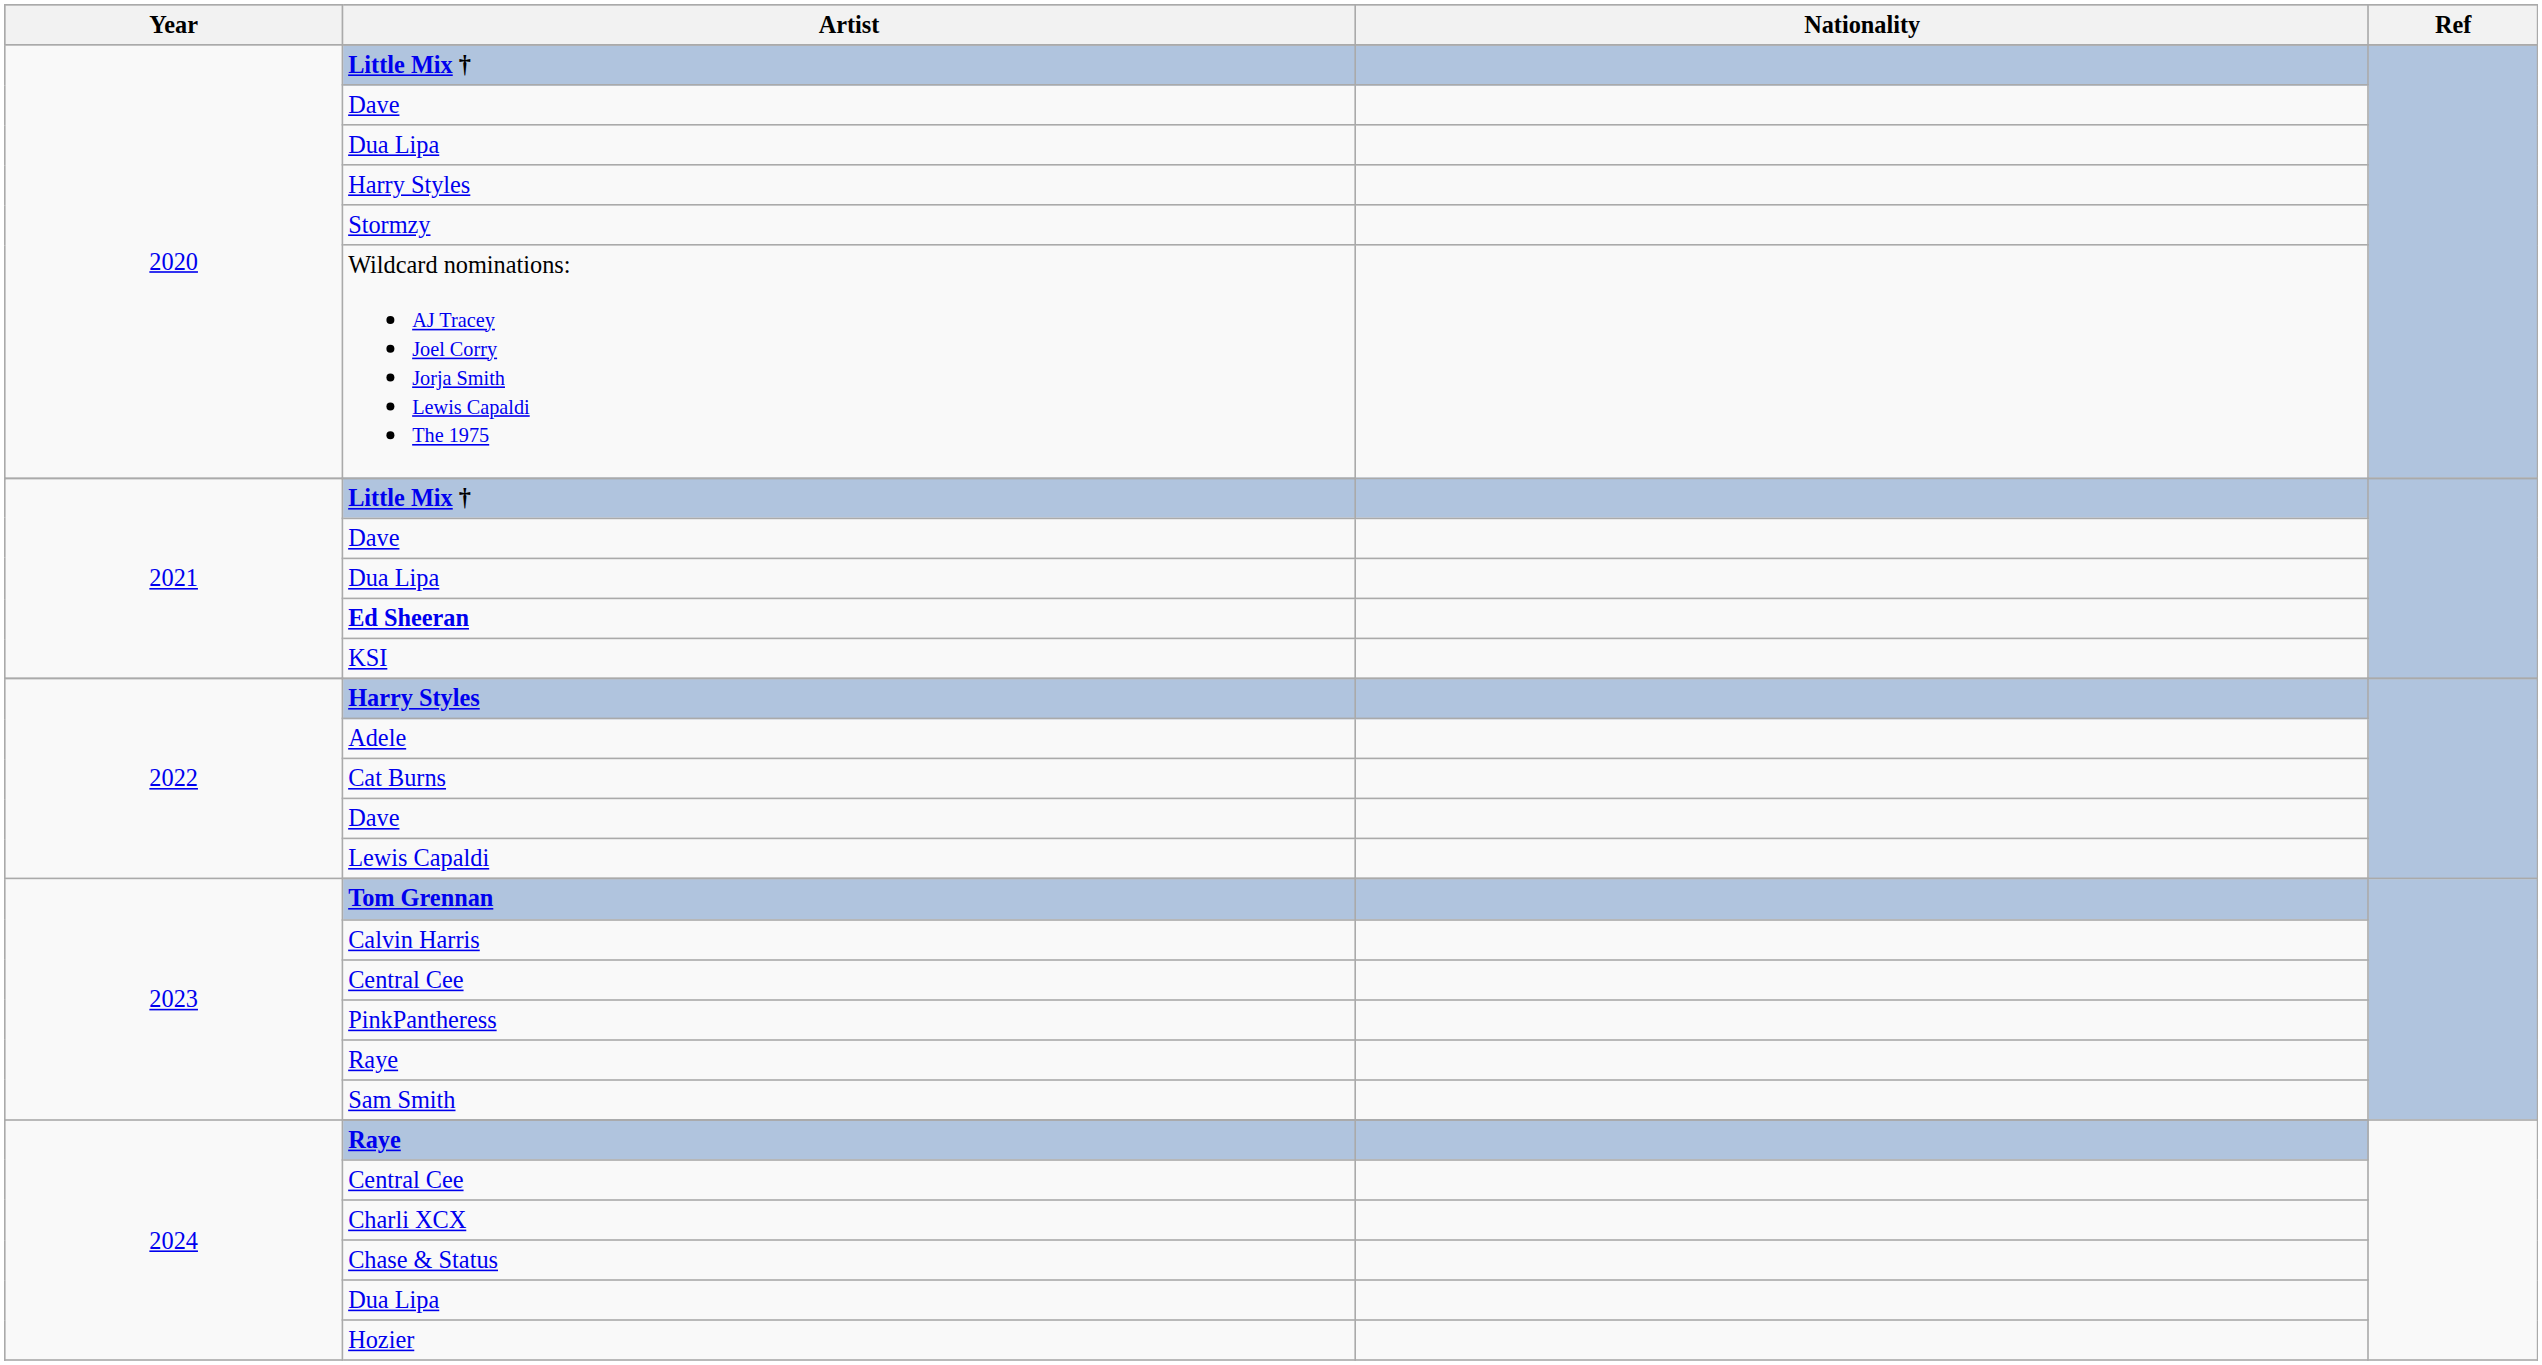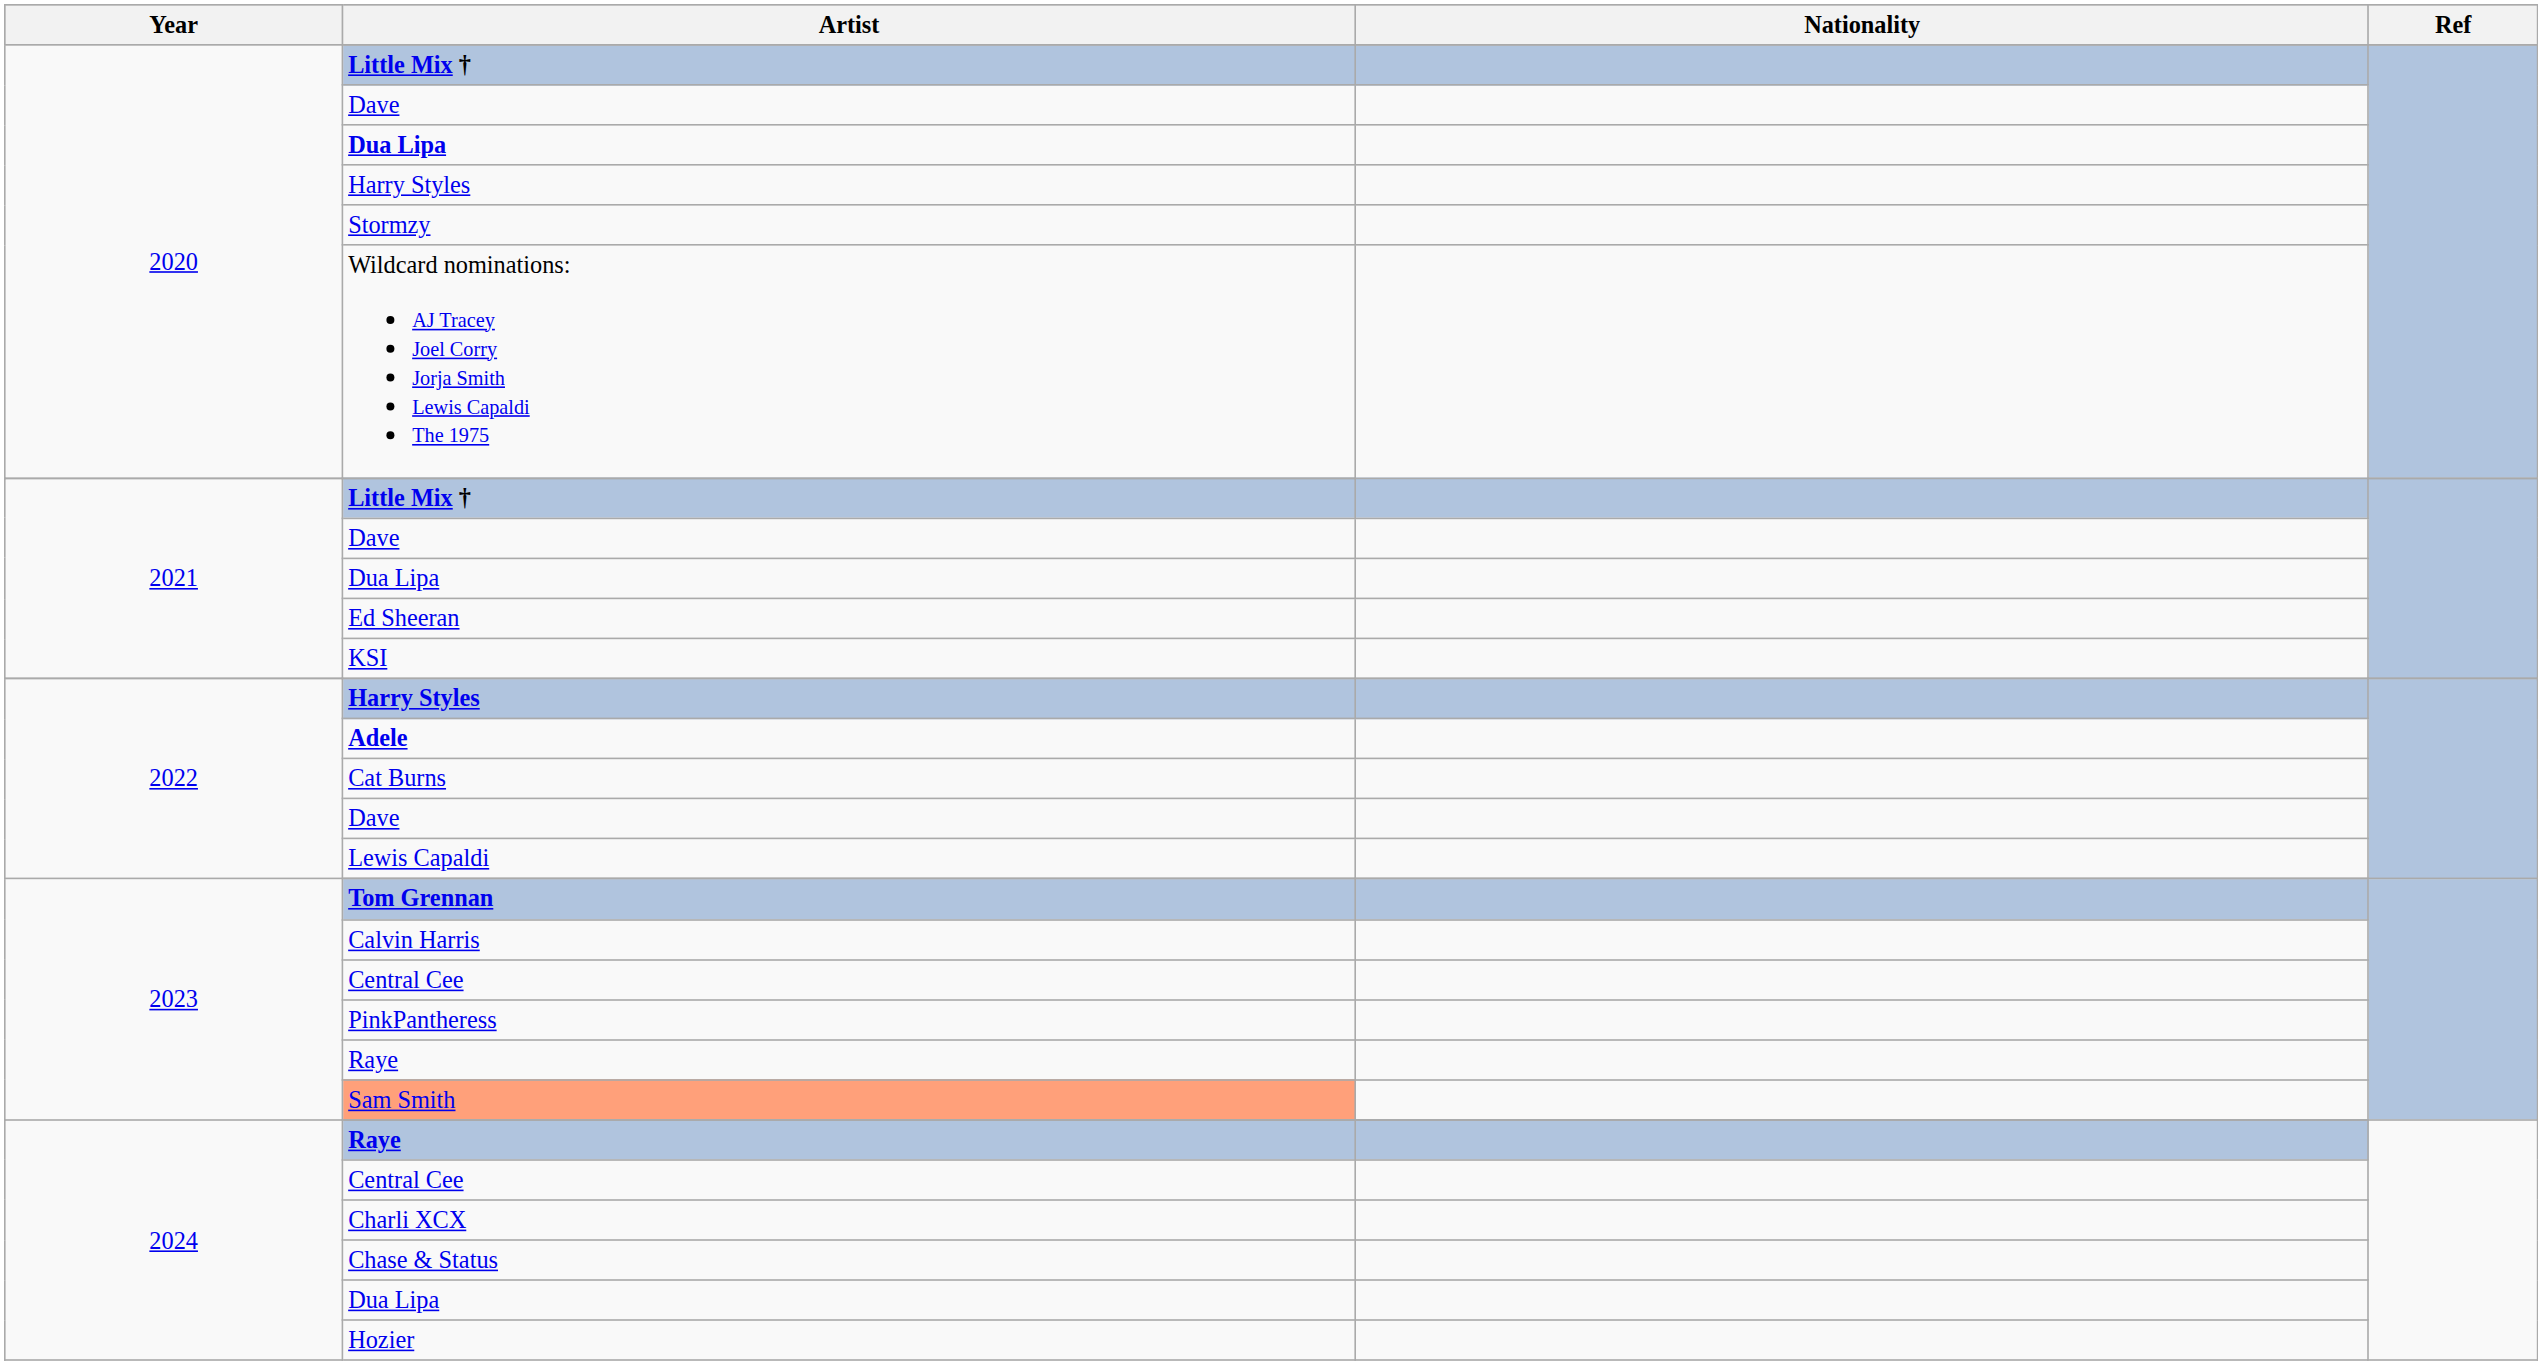 <table class="wikitable sortable plainrowheaders" style="font-size:95%; width:100%;">
 <tr style="background:#bebebe;">
 <th style="width:10%;">Year</th>
 <th style="width:30%;">Artist</th>
 <th style="width:30%;">Nationality</th>
 <th style="width:5%;">Ref</th>
 </tr>
 <tr>
 <td rowspan="7" align="center"><a href='#'>2020</a></td>
 </tr>
 <tr style="background:#B0C4DE">
 <td><strong><a href='#'>Little Mix</a></strong> <strong>†</strong></td>
 <td><strong></strong></td>
 <td rowspan="7" align="center"></td>
 </tr>
 <tr>
 <td><a href='#'>Dave</a></td>
 <td></td>
 </tr>
 <tr>
-<td><a href='#'>Dua Lipa</a></td>
+<td><strong><a href='#'>Dua Lipa</a></strong></td>
 <td></td>
 </tr>
 <tr>
 <td><a href='#'>Harry Styles</a></td>
 <td></td>
 </tr>
 <tr>
 <td><a href='#'>Stormzy</a></td>
 <td></td>
 </tr>
 <tr>
 <td>Wildcard nominations:<br><ul><li><small><a href='#'>AJ Tracey</a></small></li><li><small><a href='#'>Joel Corry</a></small></li><li><small><a href='#'>Jorja Smith</a></small></li><li><small><a href='#'>Lewis Capaldi</a></small></li><li><small><a href='#'>The 1975</a></small></li></ul></td>
 </tr>
 <tr>
 </tr>
 <tr>
 <td rowspan="6" align="center"><a href='#'>2021</a></td>
 </tr>
 <tr style="background:#B0C4DE">
 <td><strong><a href='#'>Little Mix</a></strong> <strong>†</strong></td>
 <td><strong></strong></td>
 <td rowspan="6" align="center"></td>
 </tr>
 <tr>
 <td><a href='#'>Dave</a></td>
 <td></td>
 </tr>
 <tr>
 <td><a href='#'>Dua Lipa</a></td>
 <td></td>
 </tr>
 <tr>
-<td><strong><a href='#'>Ed Sheeran</a></strong></td>
+<td><a href='#'>Ed Sheeran</a></td>
 <td></td>
 </tr>
 <tr>
 <td><a href='#'>KSI</a></td>
 <td></td>
 </tr>
 <tr>
 </tr>
 <tr>
 <td rowspan="6" align="center"><a href='#'>2022</a></td>
 </tr>
 <tr style="background:#B0C4DE">
 <td><strong><a href='#'>Harry Styles</a></strong></td>
 <td><strong></strong></td>
 <td rowspan="6" align="center"></td>
 </tr>
 <tr>
-<td><a href='#'>Adele</a></td>
+<td><strong><a href='#'>Adele</a></strong></td>
 <td></td>
 </tr>
 <tr>
 <td><a href='#'>Cat Burns</a></td>
 <td></td>
 </tr>
 <tr>
 <td><a href='#'>Dave</a></td>
 <td></td>
 </tr>
 <tr>
 <td><a href='#'>Lewis Capaldi</a></td>
 <td></td>
 </tr>
 <tr>
 <td rowspan="7" align="center"><a href='#'>2023</a></td>
 </tr>
 <tr style="background:#B0C4DE">
 <td><strong><a href='#'>Tom Grennan</a></strong></td>
 <td><strong></strong></td>
 <td rowspan="6" align="center"></td>
 </tr>
 <tr>
 <td><a href='#'>Calvin Harris</a></td>
 <td></td>
 </tr>
 <tr>
 <td><a href='#'>Central Cee</a></td>
 <td></td>
 </tr>
 <tr>
 <td><a href='#'>PinkPantheress</a></td>
 <td></td>
 </tr>
 <tr>
 <td><a href='#'>Raye</a></td>
 <td></td>
 </tr>
 <tr>
-<td><a href='#'>Sam Smith</a></td>
+<td style="background: lightsalmon;"><a href='#'>Sam Smith</a></td>
 <td></td>
 </tr>
 <tr>
 <td rowspan="7" align="center"><a href='#'>2024</a></td>
 </tr>
 <tr style="background:#B0C4DE">
 <td><strong><a href='#'>Raye</a></strong></td>
 <td><strong></strong></td>
 </tr>
 <tr>
 <td><a href='#'>Central Cee</a></td>
 <td></td>
 </tr>
 <tr>
 <td><a href='#'>Charli XCX</a></td>
 <td></td>
 </tr>
 <tr>
 <td><a href='#'>Chase & Status</a></td>
 <td></td>
 </tr>
 <tr>
 <td><a href='#'>Dua Lipa</a></td>
 <td></td>
 </tr>
 <tr>
 <td><a href='#'>Hozier</a></td>
 <td></td>
 </tr>
 </table>
